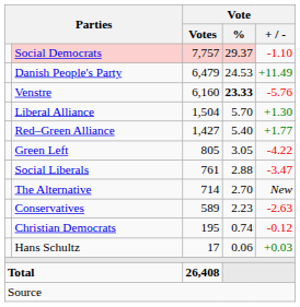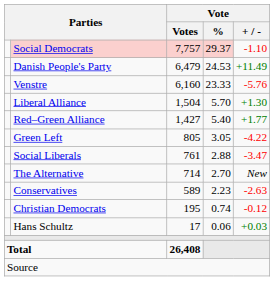 <table class="wikitable" style="text-align:right;">
 <tr>
 <th style="text-align:centre;" rowspan="2" colspan="2" width="225">Parties</th>
 <th colspan="3">Vote</th>
 </tr>
 <tr>
 <th width="15">Votes</th>
 <th width="15">%</th>
 <th width="15">+ / -</th>
 </tr>
 <tr>
 <td width="2" style="color:inherit;background:"></td>
 <td bgcolor=#fbd0ce  align="left"><a href='#'>Social Democrats</a></td>
 <td bgcolor=#fbd0ce>7,757</td>
 <td bgcolor=#fbd0ce>29.37</td>
 <td style=color:red;>-1.10</td>
 </tr>
 <tr>
 <td width="2" style="color:inherit;background:"></td>
 <td align="left"><a href='#'>Danish People's Party</a></td>
 <td>6,479</td>
 <td>24.53</td>
 <td style=color:green;>+11.49</td>
 </tr>
 <tr>
 <td width="2" style="color:inherit;background:"></td>
 <td align="left"><a href='#'>Venstre</a></td>
 <td>6,160</td>
-<td><strong>23.33</strong></td>
+<td>23.33</td>
 <td style=color:red;>-5.76</td>
 </tr>
 <tr>
 <td width="2" style="color:inherit;background:"></td>
 <td align="left"><a href='#'>Liberal Alliance</a></td>
 <td>1,504</td>
 <td>5.70</td>
 <td style=color:green;>+1.30</td>
 </tr>
 <tr>
 <td width="2" style="color:inherit;background:"></td>
 <td align="left"><a href='#'>Red–Green Alliance</a></td>
 <td>1,427</td>
 <td>5.40</td>
 <td style=color:green;>+1.77</td>
 </tr>
 <tr>
 <td width="2" style="color:inherit;background:"></td>
 <td align="left"><a href='#'>Green Left</a></td>
 <td>805</td>
 <td>3.05</td>
 <td style=color:red;>-4.22</td>
 </tr>
 <tr>
 <td width="2" style="color:inherit;background:"></td>
 <td align="left"><a href='#'>Social Liberals</a></td>
 <td>761</td>
 <td>2.88</td>
 <td style=color:red;>-3.47</td>
 </tr>
 <tr>
 <td width="2" style="color:inherit;background:"></td>
 <td align="left"><a href='#'>The Alternative</a></td>
 <td>714</td>
 <td>2.70</td>
 <td><em>New</em></td>
 </tr>
 <tr>
 <td width="2" style="color:inherit;background:"></td>
 <td align="left"><a href='#'>Conservatives</a></td>
 <td>589</td>
 <td>2.23</td>
 <td style=color:red;>-2.63</td>
 </tr>
 <tr>
 <td width="2" style="color:inherit;background:"></td>
 <td align="left"><a href='#'>Christian Democrats</a></td>
 <td>195</td>
 <td>0.74</td>
 <td style=color:red;>-0.12</td>
 </tr>
 <tr>
 <td width="2" style="color:inherit;background:"></td>
 <td align="left">Hans Schultz</td>
 <td>17</td>
 <td>0.06</td>
 <td style=color:green;>+0.03</td>
 </tr>
 <tr>
 <td colspan="7" bgcolor="#E9E9E9"></td>
 </tr>
 <tr>
 <td align="left" colspan="2"><strong>Total</strong></td>
 <td><strong>26,408</strong></td>
 <td bgcolor="#E9E9E9" colspan="2"></td>
 </tr>
 <tr>
 <td align="left" colspan="6">Source</td>
 </tr>
 </table>
